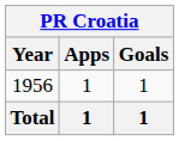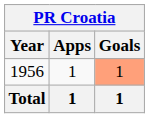 <table class="wikitable" style="text-align:center">
 <tr>
 <th colspan=3><a href='#'>PR Croatia</a></th>
 </tr>
 <tr>
 <th>Year</th>
 <th>Apps</th>
 <th>Goals</th>
 </tr>
 <tr>
 <td>1956</td>
 <td>1</td>
-<td>1</td>
+<td style="background: lightsalmon;">1</td>
 </tr>
 <tr>
 <th>Total</th>
 <th>1</th>
 <th>1</th>
 </tr>
 </table>
